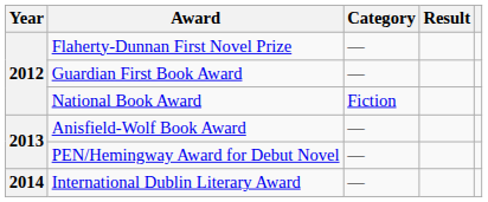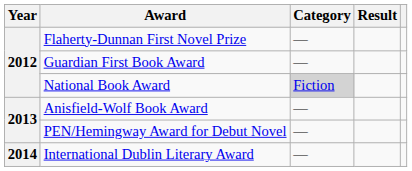 <table class="wikitable sortable">
 <tr>
 <th scope="col">Year</th>
 <th>Award</th>
 <th>Category</th>
 <th>Result</th>
 <th></th>
 </tr>
 <tr>
 <th rowspan="3">2012</th>
 <td><a href='#'>Flaherty-Dunnan First Novel Prize</a></td>
 <td>—</td>
 <td></td>
 <td></td>
 </tr>
 <tr>
 <td><a href='#'>Guardian First Book Award</a></td>
 <td>—</td>
 <td></td>
 <td></td>
 </tr>
 <tr>
 <td><a href='#'>National Book Award</a></td>
-<td><a href='#'>Fiction</a></td>
+<td style="background: lightgrey;"><a href='#'>Fiction</a></td>
 <td></td>
 <td></td>
 </tr>
 <tr>
 <th rowspan="2">2013</th>
 <td><a href='#'>Anisfield-Wolf Book Award</a></td>
 <td>—</td>
 <td></td>
 <td></td>
 </tr>
 <tr>
 <td><a href='#'>PEN/Hemingway Award for Debut Novel</a></td>
 <td>—</td>
 <td></td>
 <td></td>
 </tr>
 <tr>
 <th>2014</th>
 <td><a href='#'>International Dublin Literary Award</a></td>
 <td>—</td>
 <td></td>
 <td></td>
 </tr>
 </table>
